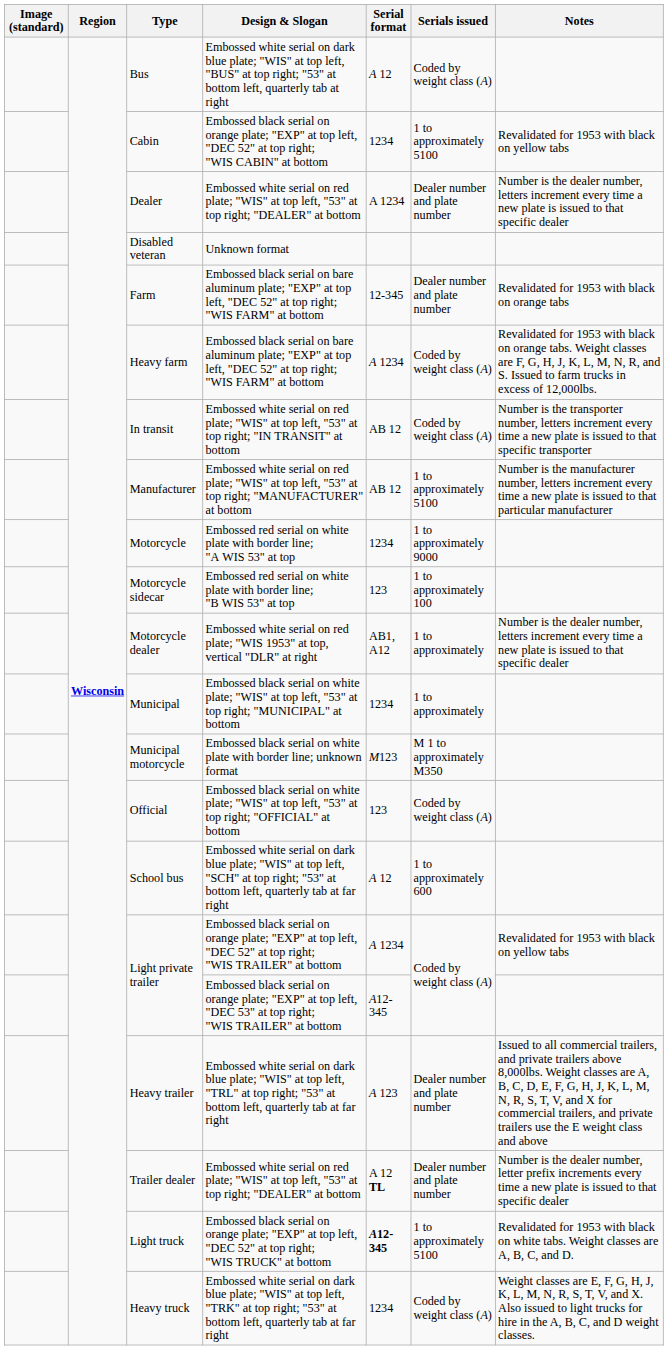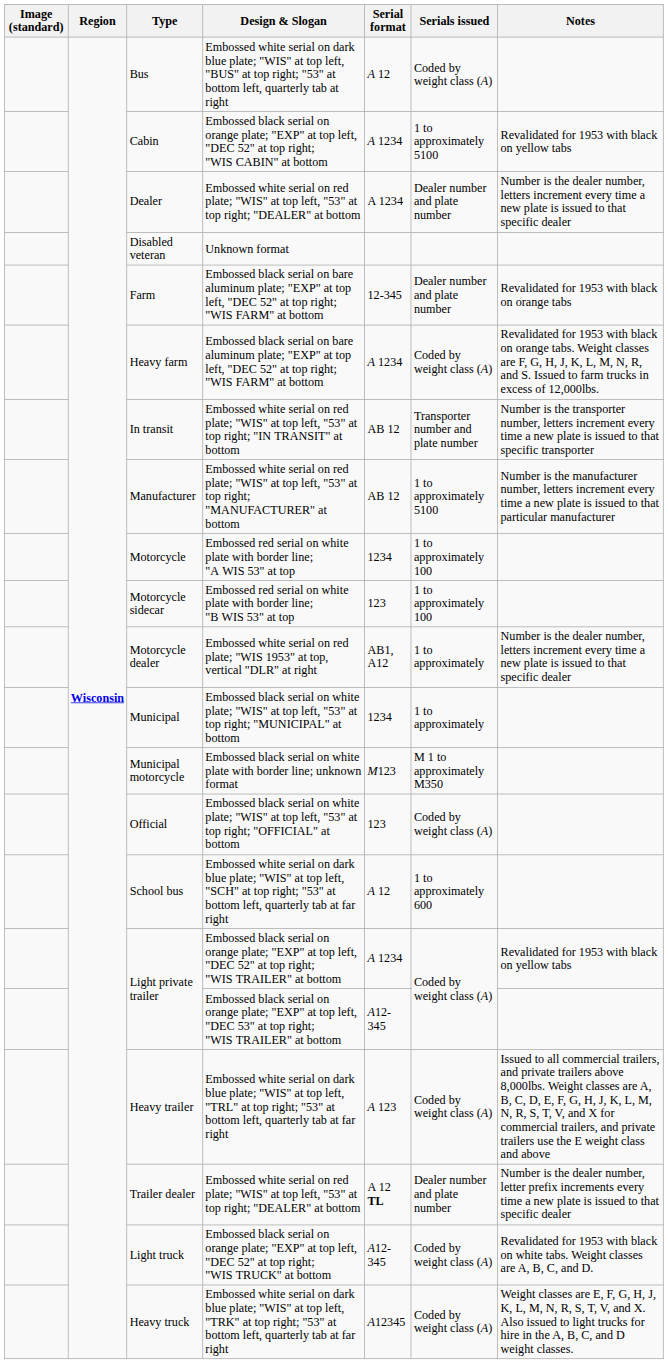 <table class="wikitable">
 <tr>
 <th>Image (standard)</th>
 <th>Region</th>
 <th>Type</th>
 <th>Design & Slogan</th>
 <th>Serial format</th>
 <th>Serials issued</th>
 <th>Notes</th>
 </tr>
 <tr>
 <td></td>
 <td rowspan="21"><a href='#'><strong>Wisconsin</strong></a></td>
 <td>Bus</td>
 <td>Embossed white serial on dark blue plate; "WIS" at top left, "BUS" at top right; "53" at bottom left, quarterly tab at right</td>
 <td><em>A</em> 12</td>
 <td>Coded by weight class (<em>A</em>)</td>
 <td></td>
 </tr>
 <tr>
 <td></td>
 <td>Cabin</td>
 <td>Embossed black serial on orange plate; "EXP" at top left, "DEC 52" at top right; "WIS CABIN" at bottom</td>
-<td>1234</td>
+<td><em>A</em> 1234</td>
 <td>1 to approximately 5100</td>
 <td>Revalidated for 1953 with black on yellow tabs</td>
 </tr>
 <tr>
 <td></td>
 <td>Dealer</td>
 <td>Embossed white serial on red plate; "WIS" at top left, "53" at top right; "DEALER" at bottom</td>
 <td>A 1234</td>
 <td>Dealer number and plate number</td>
 <td>Number is the dealer number, letters increment every time a new plate is issued to that specific dealer</td>
 </tr>
 <tr>
 <td></td>
 <td>Disabled veteran</td>
 <td>Unknown format</td>
 <td></td>
 <td></td>
 <td></td>
 </tr>
 <tr>
 <td></td>
 <td>Farm</td>
 <td>Embossed black serial on bare aluminum plate; "EXP" at top left, "DEC 52" at top right; "WIS FARM" at bottom</td>
 <td>12-345</td>
 <td>Dealer number and plate number</td>
 <td>Revalidated for 1953 with black on orange tabs</td>
 </tr>
 <tr>
 <td></td>
 <td>Heavy farm</td>
 <td>Embossed black serial on bare aluminum plate; "EXP" at top left, "DEC 52" at top right; "WIS FARM" at bottom</td>
 <td><em>A</em> 1234</td>
 <td>Coded by weight class (<em>A</em>)</td>
 <td>Revalidated for 1953 with black on orange tabs. Weight classes are F, G, H, J, K, L, M, N, R, and S. Issued to farm trucks in excess of 12,000lbs.</td>
 </tr>
 <tr>
 <td></td>
 <td>In transit</td>
 <td>Embossed white serial on red plate; "WIS" at top left, "53" at top right; "IN TRANSIT" at bottom</td>
 <td>AB 12</td>
-<td>Coded by weight class (<em>A</em>)</td>
+<td>Transporter number and plate number</td>
 <td>Number is the transporter number, letters increment every time a new plate is issued to that specific transporter</td>
 </tr>
 <tr>
 <td></td>
 <td>Manufacturer</td>
 <td>Embossed white serial on red plate; "WIS" at top left, "53" at top right; "MANUFACTURER" at bottom</td>
 <td>AB 12</td>
 <td>1 to approximately 5100</td>
 <td>Number is the manufacturer number, letters increment every time a new plate is issued to that particular manufacturer</td>
 </tr>
 <tr>
 <td></td>
 <td>Motorcycle</td>
 <td>Embossed red serial on white plate with border line; "A WIS 53" at top</td>
 <td>1234</td>
-<td>1 to approximately 9000</td>
+<td>1 to approximately 100</td>
 <td></td>
 </tr>
 <tr>
 <td></td>
 <td>Motorcycle sidecar</td>
 <td>Embossed red serial on white plate with border line; "B WIS 53" at top</td>
 <td>123</td>
 <td>1 to approximately 100</td>
 <td></td>
 </tr>
 <tr>
 <td></td>
 <td>Motorcycle dealer</td>
 <td>Embossed white serial on red plate; "WIS 1953" at top, vertical "DLR" at right</td>
 <td>AB1, A12</td>
 <td>1 to approximately </td>
 <td>Number is the dealer number, letters increment every time a new plate is issued to that specific dealer</td>
 </tr>
 <tr>
 <td></td>
 <td>Municipal</td>
 <td>Embossed black serial on white plate; "WIS" at top left, "53" at top right; "MUNICIPAL" at bottom</td>
 <td>1234</td>
 <td>1 to approximately </td>
 <td></td>
 </tr>
 <tr>
 <td></td>
 <td>Municipal motorcycle</td>
 <td>Embossed black serial on white plate with border line; unknown format</td>
 <td><em>M</em>123</td>
 <td>M 1 to approximately M350</td>
 <td></td>
 </tr>
 <tr>
 <td></td>
 <td>Official</td>
 <td>Embossed black serial on white plate; "WIS" at top left, "53" at top right; "OFFICIAL" at bottom</td>
 <td>123</td>
 <td>Coded by weight class (<em>A</em>)</td>
 <td></td>
 </tr>
 <tr>
 <td></td>
 <td>School bus</td>
 <td>Embossed white serial on dark blue plate; "WIS" at top left, "SCH" at top right; "53" at bottom left, quarterly tab at far right</td>
 <td><em>A</em> 12</td>
 <td>1 to approximately 600</td>
 <td></td>
 </tr>
 <tr>
 <td></td>
 <td rowspan="2">Light private trailer</td>
 <td>Embossed black serial on orange plate; "EXP" at top left, "DEC 52" at top right; "WIS TRAILER" at bottom</td>
 <td><em>A</em> 1234</td>
 <td rowspan="2">Coded by weight class (<em>A</em>)</td>
 <td>Revalidated for 1953 with black on yellow tabs</td>
 </tr>
 <tr>
 <td></td>
 <td>Embossed black serial on orange plate; "EXP" at top left, "DEC 53" at top right; "WIS TRAILER" at bottom</td>
 <td><em>A</em>12-345</td>
 <td></td>
 </tr>
 <tr>
 <td></td>
 <td>Heavy trailer</td>
 <td>Embossed white serial on dark blue plate; "WIS" at top left, "TRL" at top right; "53" at bottom left, quarterly tab at far right</td>
 <td><em>A</em> 123</td>
-<td>Dealer number and plate number</td>
+<td>Coded by weight class (<em>A</em>)</td>
 <td>Issued to all commercial trailers, and private trailers above 8,000lbs. Weight classes are A, B, C, D, E, F, G, H, J, K, L, M, N, R, S, T, V, and X for commercial trailers, and private trailers use the E weight class and above</td>
 </tr>
 <tr>
 <td></td>
 <td>Trailer dealer</td>
 <td>Embossed white serial on red plate; "WIS" at top left, "53" at top right; "DEALER" at bottom</td>
 <td>A 12 <strong>TL</strong></td>
 <td>Dealer number and plate number</td>
 <td>Number is the dealer number, letter prefix increments every time a new plate is issued to that specific dealer</td>
 </tr>
 <tr>
 <td></td>
 <td>Light truck</td>
 <td>Embossed black serial on orange plate; "EXP" at top left, "DEC 52" at top right; "WIS TRUCK" at bottom</td>
-<td><strong><em>A</em>12-345</strong></td>
-<td>1 to approximately 5100</td>
+<td><em>A</em>12-345</td>
+<td>Coded by weight class (<em>A</em>)</td>
 <td>Revalidated for 1953 with black on white tabs. Weight classes are A, B, C, and D.</td>
 </tr>
 <tr>
 <td></td>
 <td>Heavy truck</td>
 <td>Embossed white serial on dark blue plate; "WIS" at top left, "TRK" at top right; "53" at bottom left, quarterly tab at far right</td>
-<td>1234</td>
+<td><em>A</em>12345</td>
 <td>Coded by weight class (<em>A</em>)</td>
 <td>Weight classes are E, F, G, H, J, K, L, M, N, R, S, T, V, and X. Also issued to light trucks for hire in the A, B, C, and D weight classes.</td>
 </tr>
 </table>
